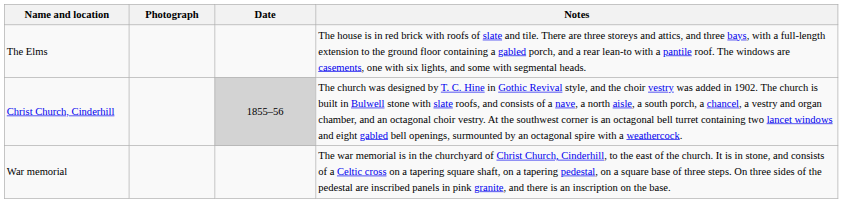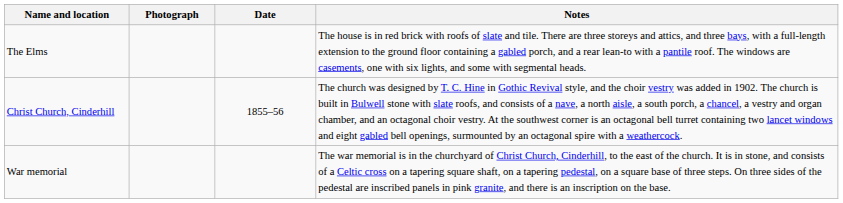 <table class="wikitable sortable plainrowheaders" style="width:100%; border:0px; text-align:left; line-height:150%">
 <tr>
 <th scope="col"  style="width:150px">Name and location</th>
 <th scope="col"  style="width:100px" class="unsortable">Photograph</th>
 <th scope="col"  style="width:120px">Date</th>
 <th scope="col"  style="width:650px" class="unsortable">Notes</th>
 </tr>
 <tr>
 <td>The Elms<br><small></small></td>
 <td></td>
 <td align="center"></td>
 <td>The house is in red brick with roofs of <a href='#'>slate</a> and tile.  There are three storeys and attics, and three <a href='#'>bays</a>, with a full-length extension to the ground floor containing a <a href='#'>gabled</a> porch, and a rear lean-to with a <a href='#'>pantile</a> roof.  The windows are <a href='#'>casements</a>, one with six lights, and some with segmental heads.</td>
 </tr>
 <tr>
 <td><a href='#'>Christ Church, Cinderhill</a><br><small></small></td>
 <td></td>
-<td align="center" style="background: lightgrey;">1855–56</td>
+<td align="center">1855–56</td>
 <td>The church was designed by <a href='#'>T. C. Hine</a> in <a href='#'>Gothic Revival</a> style, and the choir <a href='#'>vestry</a> was added in 1902.  The church is built in <a href='#'>Bulwell</a> stone with <a href='#'>slate</a> roofs, and consists of a <a href='#'>nave</a>, a north <a href='#'>aisle</a>, a south porch, a <a href='#'>chancel</a>, a vestry and organ chamber, and an octagonal choir vestry.  At the southwest corner is an octagonal bell turret containing two <a href='#'>lancet windows</a> and eight <a href='#'>gabled</a> bell openings, surmounted by an octagonal spire with a <a href='#'>weathercock</a>.</td>
 </tr>
 <tr>
 <td>War memorial<br><small></small></td>
 <td></td>
 <td align="center"></td>
 <td>The war memorial is in the churchyard of <a href='#'>Christ Church, Cinderhill</a>, to the east of the church.  It is in stone, and consists of a <a href='#'>Celtic cross</a> on a tapering square shaft, on a tapering <a href='#'>pedestal</a>, on a square base of three steps.  On three sides of the pedestal are inscribed panels in pink <a href='#'>granite</a>, and there is an inscription on the base.</td>
 </tr>
 <tr>
 </tr>
 </table>
